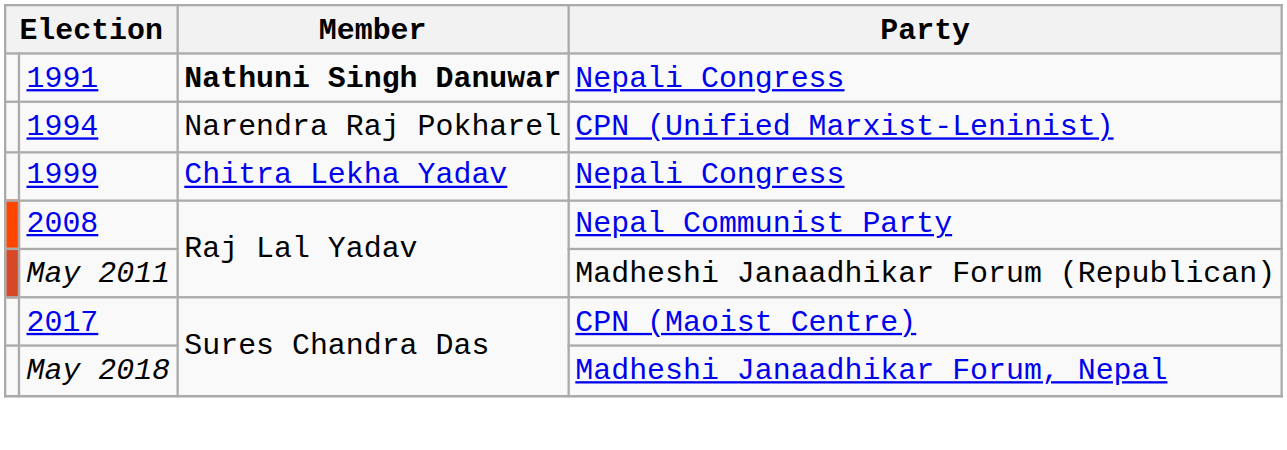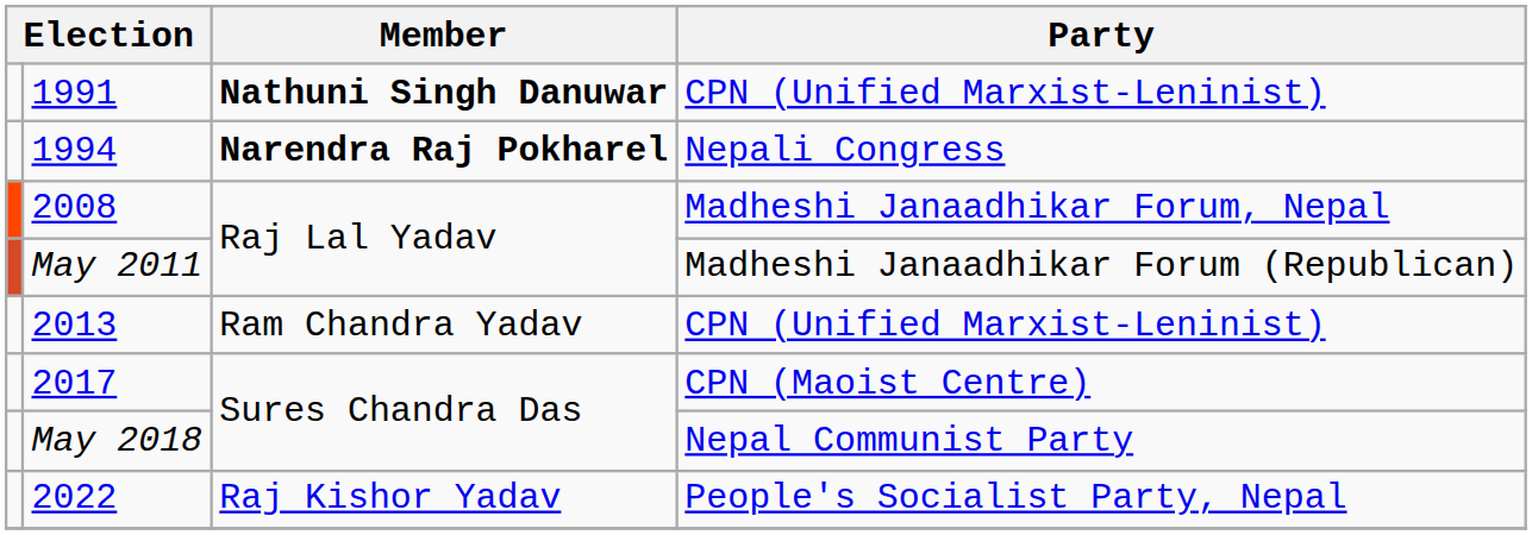 <table class="wikitable">
 <tr>
 <th colspan="2">Election</th>
 <th>Member</th>
 <th>Party</th>
 </tr>
 <tr>
 <td style="background-color:"></td>
 <td><a href='#'>1991</a></td>
 <td><strong>Nathuni Singh Danuwar</strong></td>
-<td><a href='#'>Nepali Congress</a></td>
+<td><a href='#'>CPN (Unified Marxist-Leninist)</a></td>
 </tr>
 <tr>
 <td style="background-color:"></td>
 <td><a href='#'>1994</a></td>
-<td>Narendra Raj Pokharel</td>
-<td><a href='#'>CPN (Unified Marxist-Leninist)</a></td>
-</tr>
-<tr>
-<td style="background-color:"></td>
-<td><a href='#'>1999</a></td>
-<td><a href='#'>Chitra Lekha Yadav</a></td>
+<td><strong>Narendra Raj Pokharel</strong></td>
 <td><a href='#'>Nepali Congress</a></td>
 </tr>
 <tr>
 <td style="background-color:orangered"></td>
 <td><a href='#'>2008</a></td>
 <td rowspan="2">Raj Lal Yadav</td>
-<td><a href='#'>Nepal Communist Party</a></td>
+<td><a href='#'>Madheshi Janaadhikar Forum, Nepal</a></td>
 </tr>
 <tr>
 <td style="background-color:#D74826"></td>
 <td><em>May 2011</em></td>
 <td>Madheshi Janaadhikar Forum (Republican)</td>
+</tr>
+<tr>
+<td style="background-color:"></td>
+<td><a href='#'>2013</a></td>
+<td>Ram Chandra Yadav</td>
+<td><a href='#'>CPN (Unified Marxist-Leninist)</a></td>
 </tr>
 <tr>
 <td style="background-color:"></td>
 <td><a href='#'>2017</a></td>
 <td rowspan="2">Sures Chandra Das</td>
 <td><a href='#'>CPN (Maoist Centre)</a></td>
 </tr>
 <tr>
 <td style="background-color:"></td>
 <td><em>May 2018</em></td>
-<td><a href='#'>Madheshi Janaadhikar Forum, Nepal</a></td>
+<td><a href='#'>Nepal Communist Party</a></td>
+</tr>
+<tr>
+<td></td>
+<td><a href='#'>2022</a></td>
+<td><a href='#'>Raj Kishor Yadav</a></td>
+<td><a href='#'>People's Socialist Party, Nepal</a></td>
 </tr>
 <tr>
 </tr>
 </table>
